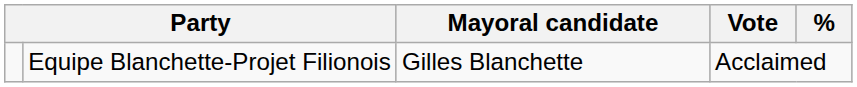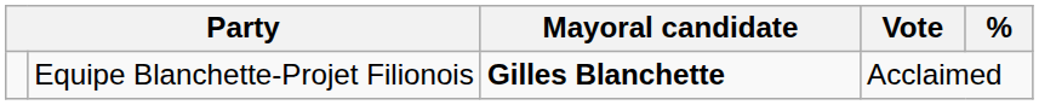 <table class="wikitable">
 <tr>
 <th bgcolor="#DDDDFF" width="230px" colspan="2">Party</th>
 <th bgcolor="#DDDDFF" width="200px">Mayoral candidate</th>
 <th bgcolor="#DDDDFF" width="50px">Vote</th>
 <th bgcolor="#DDDDFF" width="30px">%</th>
 </tr>
 <tr>
 <td> </td>
 <td>Equipe Blanchette-Projet Filionois</td>
-<td>Gilles Blanchette</td>
+<td><strong>Gilles Blanchette</strong></td>
 <td colspan="2">Acclaimed</td>
 </tr>
 </table>
